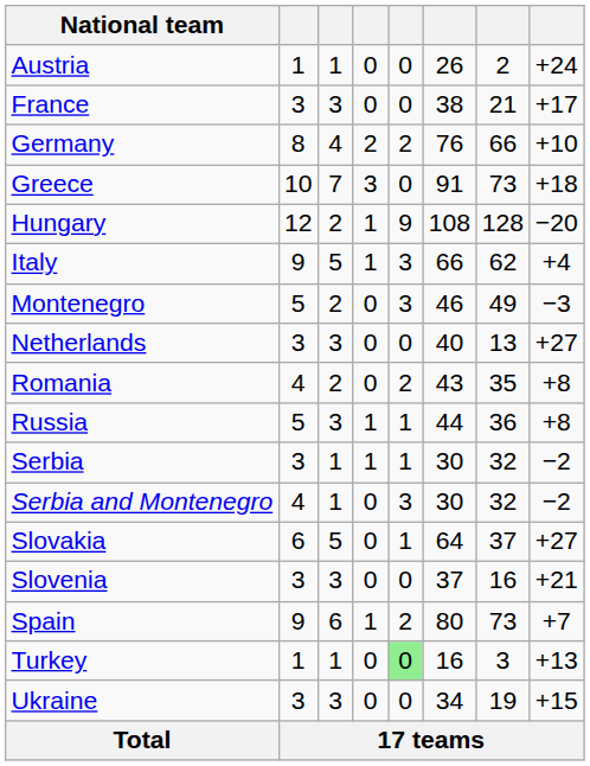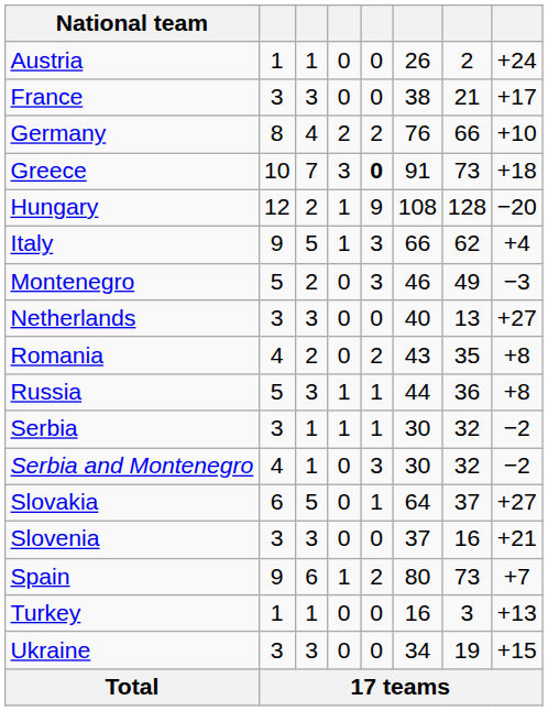 <table class="wikitable" style="text-align: center;">
 <tr>
 <th>National team</th>
 <th width="15"></th>
 <th width="15"></th>
 <th width="15"></th>
 <th width="15"></th>
 <th></th>
 <th></th>
 <th></th>
 </tr>
 <tr>
 <td align="left"> <a href='#'>Austria</a></td>
 <td>1</td>
 <td>1</td>
 <td>0</td>
 <td>0</td>
 <td>26</td>
 <td>2</td>
 <td>+24</td>
 </tr>
 <tr>
 <td align="left"> <a href='#'>France</a></td>
 <td>3</td>
 <td>3</td>
 <td>0</td>
 <td>0</td>
 <td>38</td>
 <td>21</td>
 <td>+17</td>
 </tr>
 <tr>
 <td align="left"> <a href='#'>Germany</a></td>
 <td>8</td>
 <td>4</td>
 <td>2</td>
 <td>2</td>
 <td>76</td>
 <td>66</td>
 <td>+10</td>
 </tr>
 <tr>
 <td align="left"> <a href='#'>Greece</a></td>
 <td>10</td>
 <td>7</td>
 <td>3</td>
-<td>0</td>
+<td><strong>0</strong></td>
 <td>91</td>
 <td>73</td>
 <td>+18</td>
 </tr>
 <tr>
 <td align="left"> <a href='#'>Hungary</a></td>
 <td>12</td>
 <td>2</td>
 <td>1</td>
 <td>9</td>
 <td>108</td>
 <td>128</td>
 <td>−20</td>
 </tr>
 <tr>
 <td align="left"> <a href='#'>Italy</a></td>
 <td>9</td>
 <td>5</td>
 <td>1</td>
 <td>3</td>
 <td>66</td>
 <td>62</td>
 <td>+4</td>
 </tr>
 <tr>
 <td align="left"> <a href='#'>Montenegro</a></td>
 <td>5</td>
 <td>2</td>
 <td>0</td>
 <td>3</td>
 <td>46</td>
 <td>49</td>
 <td>−3</td>
 </tr>
 <tr>
 <td align="left"> <a href='#'>Netherlands</a></td>
 <td>3</td>
 <td>3</td>
 <td>0</td>
 <td>0</td>
 <td>40</td>
 <td>13</td>
 <td>+27</td>
 </tr>
 <tr>
 <td align="left"> <a href='#'>Romania</a></td>
 <td>4</td>
 <td>2</td>
 <td>0</td>
 <td>2</td>
 <td>43</td>
 <td>35</td>
 <td>+8</td>
 </tr>
 <tr>
 <td align="left"> <a href='#'>Russia</a></td>
 <td>5</td>
 <td>3</td>
 <td>1</td>
 <td>1</td>
 <td>44</td>
 <td>36</td>
 <td>+8</td>
 </tr>
 <tr>
 <td align="left"> <a href='#'>Serbia</a></td>
 <td>3</td>
 <td>1</td>
 <td>1</td>
 <td>1</td>
 <td>30</td>
 <td>32</td>
 <td>−2</td>
 </tr>
 <tr>
 <td align="left"> <em><a href='#'>Serbia and Montenegro</a></em></td>
 <td>4</td>
 <td>1</td>
 <td>0</td>
 <td>3</td>
 <td>30</td>
 <td>32</td>
 <td>−2</td>
 </tr>
 <tr>
 <td align="left"> <a href='#'>Slovakia</a></td>
 <td>6</td>
 <td>5</td>
 <td>0</td>
 <td>1</td>
 <td>64</td>
 <td>37</td>
 <td>+27</td>
 </tr>
 <tr>
 <td align="left"> <a href='#'>Slovenia</a></td>
 <td>3</td>
 <td>3</td>
 <td>0</td>
 <td>0</td>
 <td>37</td>
 <td>16</td>
 <td>+21</td>
 </tr>
 <tr>
 <td align="left"> <a href='#'>Spain</a></td>
 <td>9</td>
 <td>6</td>
 <td>1</td>
 <td>2</td>
 <td>80</td>
 <td>73</td>
 <td>+7</td>
 </tr>
 <tr>
 <td align="left"> <a href='#'>Turkey</a></td>
 <td>1</td>
 <td>1</td>
 <td>0</td>
-<td style="background: lightgreen;">0</td>
+<td>0</td>
 <td>16</td>
 <td>3</td>
 <td>+13</td>
 </tr>
 <tr>
 <td align="left"> <a href='#'>Ukraine</a></td>
 <td>3</td>
 <td>3</td>
 <td>0</td>
 <td>0</td>
 <td>34</td>
 <td>19</td>
 <td>+15</td>
 </tr>
 <tr>
 <th>Total</th>
 <th colspan="7">17 teams</th>
 </tr>
 </table>
